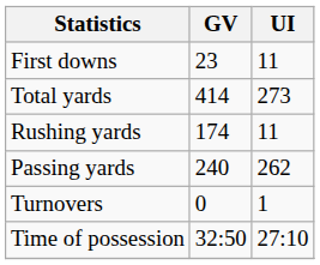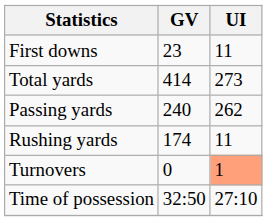 <table class="wikitable" style="float: left;">
 <tr>
 <th>Statistics</th>
 <th>GV</th>
 <th>UI</th>
 </tr>
 <tr>
 <td>First downs</td>
 <td>23</td>
 <td>11</td>
 </tr>
 <tr>
 <td>Total yards</td>
 <td>414</td>
 <td>273</td>
 </tr>
 <tr>
+<td>Passing yards</td>
+<td>240</td>
+<td>262</td>
+</tr>
+<tr>
 <td>Rushing yards</td>
 <td>174</td>
 <td>11</td>
 </tr>
 <tr>
-<td>Passing yards</td>
-<td>240</td>
-<td>262</td>
-</tr>
-<tr>
 <td>Turnovers</td>
 <td>0</td>
-<td>1</td>
+<td style="background: lightsalmon;">1</td>
 </tr>
 <tr>
 <td>Time of possession</td>
 <td>32:50</td>
 <td>27:10</td>
 </tr>
 <tr>
 </tr>
 </table>
